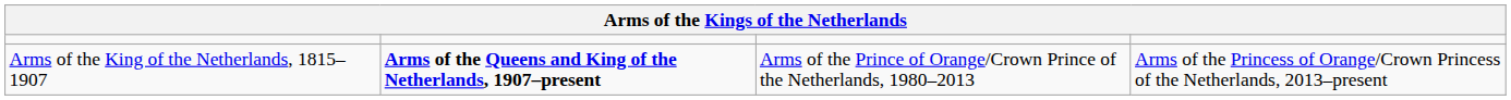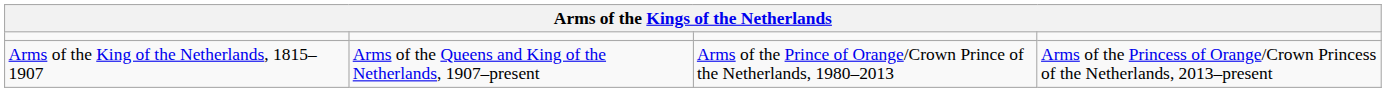 <table class="wikitable" width="100%">
 <tr>
 <th align=center colspan=4>Arms of the <a href='#'>Kings of the Netherlands</a></th>
 </tr>
 <tr>
 <td align=center width="25%"></td>
 <td align=center width="25%"></td>
 <td align=center width="25%"></td>
 <td align=center width="25%"></td>
 </tr>
 <tr>
 <td><a href='#'>Arms</a> of the <a href='#'>King of the Netherlands</a>, 1815–1907</td>
-<td><strong><a href='#'>Arms</a> of the <a href='#'>Queens and King of the Netherlands</a>, 1907–present</strong></td>
+<td><a href='#'>Arms</a> of the <a href='#'>Queens and King of the Netherlands</a>, 1907–present</td>
 <td><a href='#'>Arms</a> of the <a href='#'>Prince of Orange</a>/Crown Prince of the Netherlands, 1980–2013</td>
 <td><a href='#'>Arms</a> of the <a href='#'>Princess of Orange</a>/Crown Princess of the Netherlands, 2013–present</td>
 </tr>
 </table>
